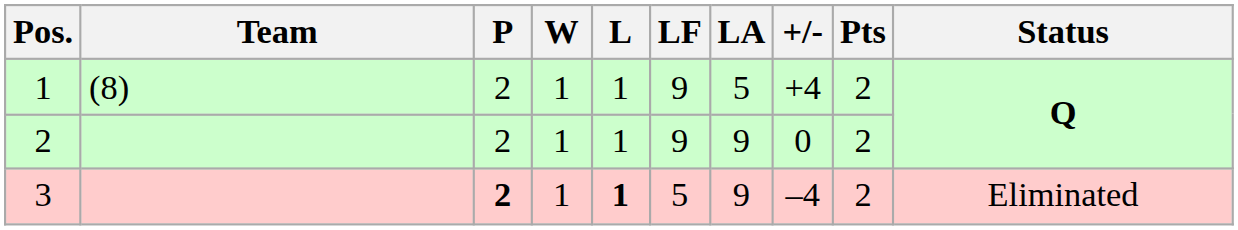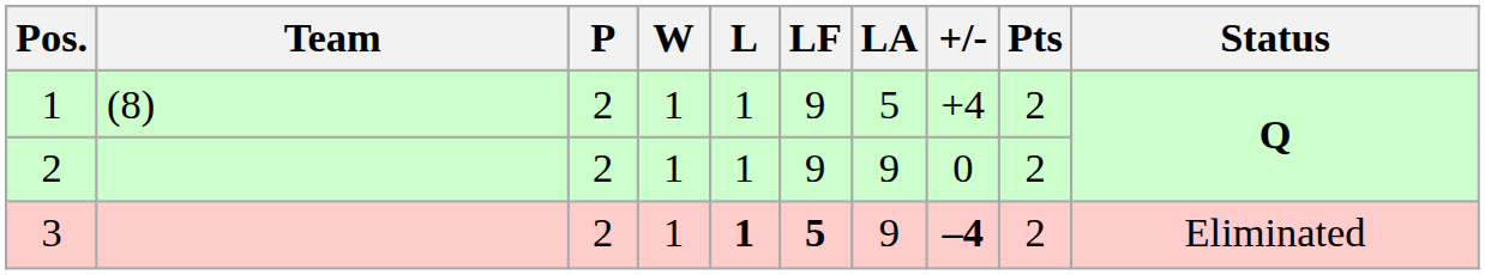 <table class="wikitable" style="text-align:center; margin: 1em auto 1em auto, align:left">
 <tr>
 <th width=20>Pos.</th>
 <th width=175>Team</th>
 <th width=20>P</th>
 <th width=20>W</th>
 <th width=20>L</th>
 <th width=20>LF</th>
 <th width=20>LA</th>
 <th width=20>+/-</th>
 <th width=20>Pts</th>
 <th width=150>Status</th>
 </tr>
 <tr style="background:#CCFFCC;">
 <td>1</td>
 <td style="text-align:left;"><strong></strong> (8)</td>
 <td>2</td>
 <td>1</td>
 <td>1</td>
 <td>9</td>
 <td>5</td>
 <td>+4</td>
 <td>2</td>
 <td rowspan=2><strong>Q</strong></td>
 </tr>
 <tr style="background:#CCFFCC;">
 <td>2</td>
 <td style="text-align:left;"><strong></strong></td>
 <td>2</td>
 <td>1</td>
 <td>1</td>
 <td>9</td>
 <td>9</td>
 <td>0</td>
 <td>2</td>
 </tr>
 <tr style="background:#FFCCCC;">
 <td>3</td>
 <td style="text-align:left;"></td>
-<td><strong>2</strong></td>
+<td>2</td>
 <td>1</td>
 <td><strong>1</strong></td>
-<td>5</td>
+<td><strong>5</strong></td>
 <td>9</td>
-<td>–4</td>
+<td><strong>–4</strong></td>
 <td>2</td>
 <td>Eliminated</td>
 </tr>
 </table>
